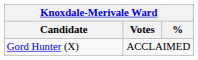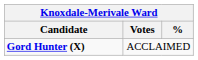 <table class="wikitable">
 <tr>
 <th colspan="3"><a href='#'>Knoxdale-Merivale Ward</a></th>
 </tr>
 <tr>
 <th style="width: 170px">Candidate</th>
 <th style="width: 50px">Votes</th>
 <th style="width: 40px">%</th>
 </tr>
 <tr>
-<td><a href='#'>Gord Hunter</a> (X)</td>
+<td><strong><a href='#'>Gord Hunter</a> (X)</strong></td>
 <td colspan="2" align="center">ACCLAIMED</td>
 </tr>
 </table>
